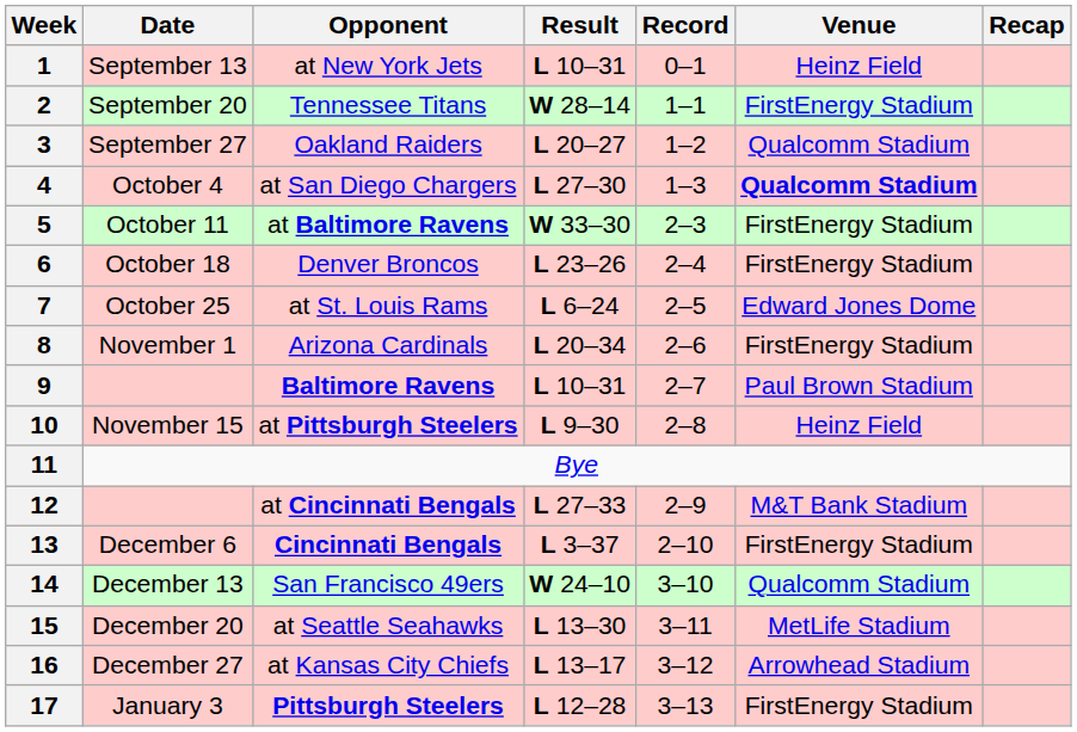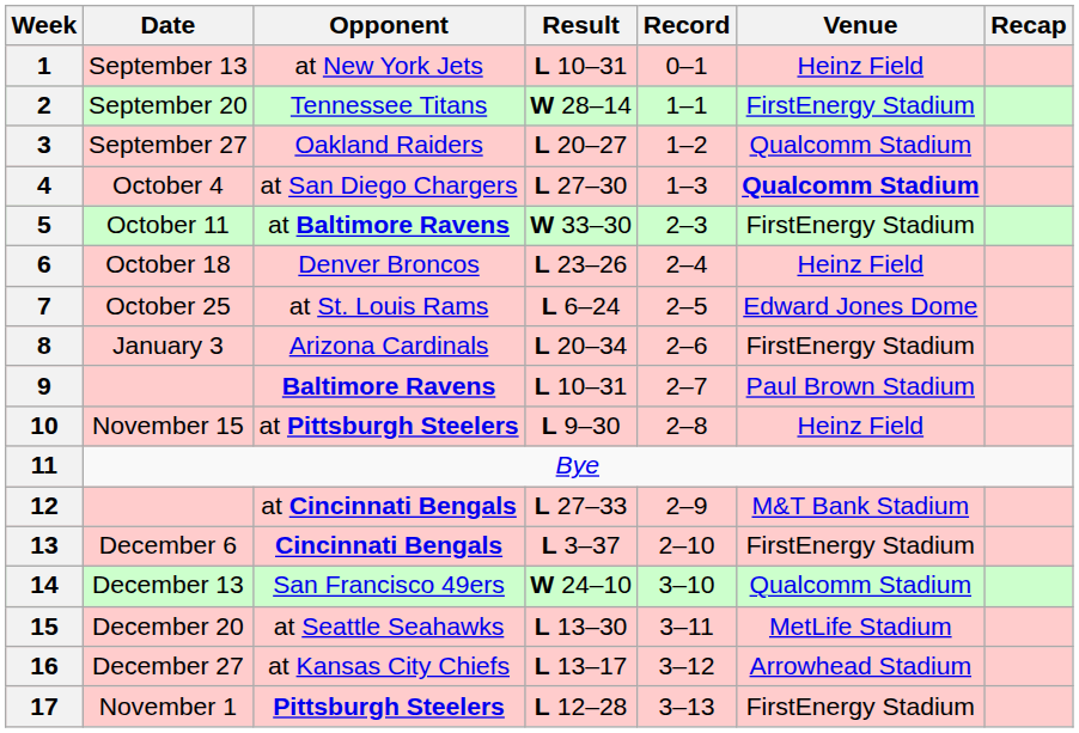 <table class="wikitable" style="text-align:center">
 <tr>
 <th>Week</th>
 <th>Date</th>
 <th>Opponent</th>
 <th>Result</th>
 <th>Record</th>
 <th>Venue</th>
 <th>Recap</th>
 </tr>
 <tr style="background:#fcc">
 <th>1</th>
 <td>September 13</td>
 <td>at <a href='#'>New York Jets</a></td>
 <td><strong>L</strong> 10–31</td>
 <td>0–1</td>
 <td><a href='#'>Heinz Field</a></td>
 <td></td>
 </tr>
 <tr style="background:#cfc">
 <th>2</th>
 <td>September 20</td>
 <td><a href='#'>Tennessee Titans</a></td>
 <td><strong>W</strong> 28–14</td>
 <td>1–1</td>
 <td><a href='#'>FirstEnergy Stadium</a></td>
 <td></td>
 </tr>
 <tr style="background:#fcc">
 <th>3</th>
 <td>September 27</td>
 <td><a href='#'>Oakland Raiders</a></td>
 <td><strong>L</strong> 20–27</td>
 <td>1–2</td>
 <td><a href='#'>Qualcomm Stadium</a></td>
 <td></td>
 </tr>
 <tr style="background:#fcc">
 <th>4</th>
 <td>October 4</td>
 <td>at <a href='#'>San Diego Chargers</a></td>
 <td><strong>L</strong> 27–30</td>
 <td>1–3</td>
 <td><strong><a href='#'>Qualcomm Stadium</a></strong></td>
 <td></td>
 </tr>
 <tr style="background:#cfc">
 <th>5</th>
 <td>October 11</td>
 <td>at <strong><a href='#'>Baltimore Ravens</a></strong></td>
 <td><strong>W</strong> 33–30 </td>
 <td>2–3</td>
 <td>FirstEnergy Stadium</td>
 <td></td>
 </tr>
 <tr style="background:#fcc">
 <th>6</th>
 <td>October 18</td>
 <td><a href='#'>Denver Broncos</a></td>
 <td><strong>L</strong> 23–26 </td>
 <td>2–4</td>
-<td>FirstEnergy Stadium</td>
+<td><a href='#'>Heinz Field</a></td>
 <td></td>
 </tr>
 <tr style="background:#fcc">
 <th>7</th>
 <td>October 25</td>
 <td>at <a href='#'>St. Louis Rams</a></td>
 <td><strong>L</strong> 6–24</td>
 <td>2–5</td>
 <td><a href='#'>Edward Jones Dome</a></td>
 <td></td>
 </tr>
 <tr style="background:#fcc">
 <th>8</th>
-<td>November 1</td>
+<td>January 3</td>
 <td><a href='#'>Arizona Cardinals</a></td>
 <td><strong>L</strong> 20–34</td>
 <td>2–6</td>
 <td>FirstEnergy Stadium</td>
 <td></td>
 </tr>
 <tr style="background:#fcc">
 <th>9</th>
 <td></td>
 <td><strong><a href='#'>Baltimore Ravens</a></strong></td>
 <td><strong>L</strong> 10–31</td>
 <td>2–7</td>
 <td><a href='#'>Paul Brown Stadium</a></td>
 <td></td>
 </tr>
 <tr style="background:#fcc">
 <th>10</th>
 <td>November 15</td>
 <td>at <strong><a href='#'>Pittsburgh Steelers</a></strong></td>
 <td><strong>L</strong> 9–30</td>
 <td>2–8</td>
 <td><a href='#'>Heinz Field</a></td>
 <td></td>
 </tr>
 <tr>
 <th>11</th>
 <td colspan=8><em><a href='#'>Bye</a></em></td>
 </tr>
 <tr style="background:#fcc">
 <th>12</th>
 <td></td>
 <td>at <strong><a href='#'>Cincinnati Bengals</a></strong></td>
 <td><strong>L</strong> 27–33</td>
 <td>2–9</td>
 <td><a href='#'>M&T Bank Stadium</a></td>
 <td></td>
 </tr>
 <tr style="background:#fcc">
 <th>13</th>
 <td>December 6</td>
 <td><strong><a href='#'>Cincinnati Bengals</a></strong></td>
 <td><strong>L</strong> 3–37</td>
 <td>2–10</td>
 <td>FirstEnergy Stadium</td>
 <td></td>
 </tr>
 <tr style="background:#cfc">
 <th>14</th>
 <td>December 13</td>
 <td><a href='#'>San Francisco 49ers</a></td>
 <td><strong>W</strong> 24–10</td>
 <td>3–10</td>
 <td><a href='#'>Qualcomm Stadium</a></td>
 <td></td>
 </tr>
 <tr style="background:#fcc">
 <th>15</th>
 <td>December 20</td>
 <td>at <a href='#'>Seattle Seahawks</a></td>
 <td><strong>L</strong> 13–30</td>
 <td>3–11</td>
 <td><a href='#'>MetLife Stadium</a></td>
 <td></td>
 </tr>
 <tr style="background:#fcc">
 <th>16</th>
 <td>December 27</td>
 <td>at <a href='#'>Kansas City Chiefs</a></td>
 <td><strong>L</strong> 13–17</td>
 <td>3–12</td>
 <td><a href='#'>Arrowhead Stadium</a></td>
 <td></td>
 </tr>
 <tr style="background:#fcc">
 <th>17</th>
-<td>January 3</td>
+<td>November 1</td>
 <td><strong><a href='#'>Pittsburgh Steelers</a></strong></td>
 <td><strong>L</strong> 12–28</td>
 <td>3–13</td>
 <td>FirstEnergy Stadium</td>
 <td></td>
 </tr>
 </table>
